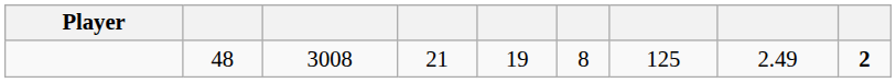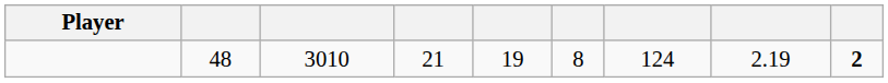 <table class="wikitable sortable" style="width:100%;">
 <tr style="text-align:center; background:#ddd;">
 <th>Player</th>
 <th></th>
 <th></th>
 <th></th>
 <th></th>
 <th></th>
 <th></th>
 <th></th>
 <th></th>
 </tr>
 <tr align=center>
 <td></td>
 <td>48</td>
-<td>3008</td>
+<td>3010</td>
 <td>21</td>
 <td>19</td>
 <td>8</td>
-<td>125</td>
-<td>2.49</td>
+<td>124</td>
+<td>2.19</td>
 <td><strong>2</strong></td>
 </tr>
 </table>
